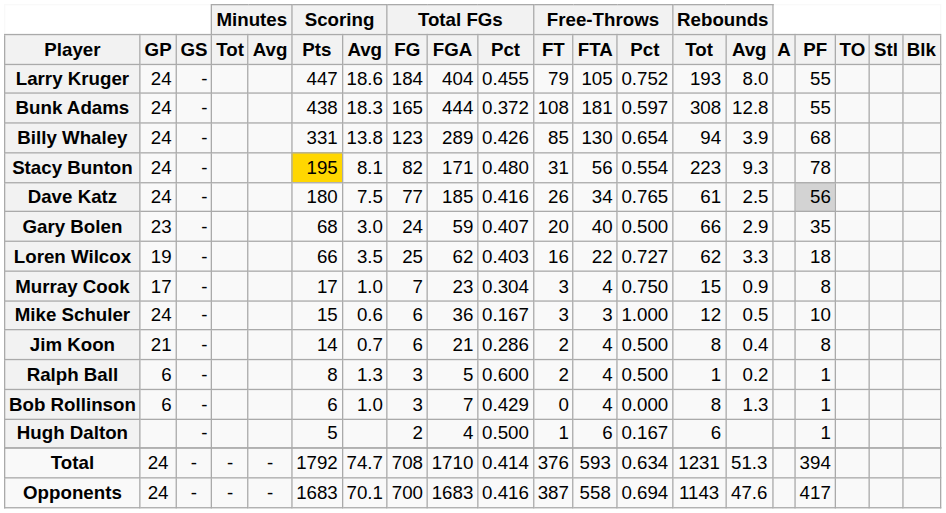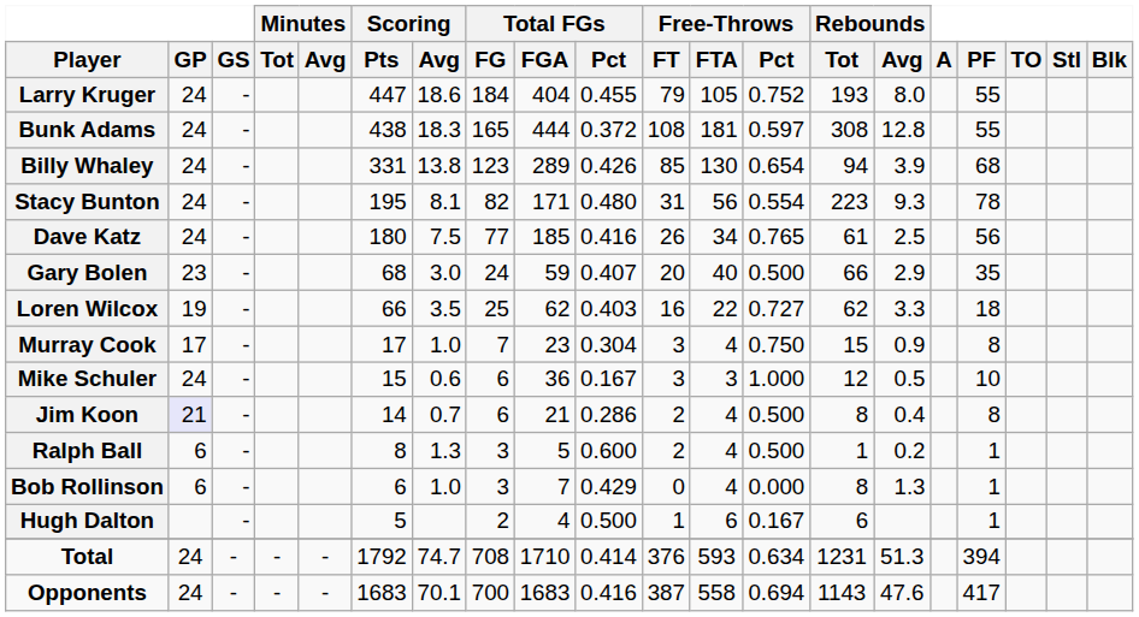 <table class="wikitable sortable" border="1" style="font-size:90%;">
 <tr>
 <th colspan="3" style="border-top-style:hidden; border-left-style:hidden; background: white;"></th>
 <th colspan="2" style=>Minutes</th>
 <th colspan="2" style=>Scoring</th>
 <th colspan="3" style=>Total FGs</th>
 <th colspan="3" style=>Free-Throws</th>
 <th colspan="2" style=>Rebounds</th>
 <th colspan="5" style="border-top-style:hidden; border-right-style:hidden; background: white;"></th>
 </tr>
 <tr>
 <th scope="col" style=>Player</th>
 <th scope="col" style=>GP</th>
 <th scope="col" style=>GS</th>
 <th scope="col" style=>Tot</th>
 <th scope="col" style=>Avg</th>
 <th scope="col" style=>Pts</th>
 <th scope="col" style=>Avg</th>
 <th scope="col" style=>FG</th>
 <th scope="col" style=>FGA</th>
 <th scope="col" style=>Pct</th>
 <th scope="col" style=>FT</th>
 <th scope="col" style=>FTA</th>
 <th scope="col" style=>Pct</th>
 <th scope="col" style=>Tot</th>
 <th scope="col" style=>Avg</th>
 <th scope="col" style=>A</th>
 <th scope="col" style=>PF</th>
 <th scope="col" style=>TO</th>
 <th scope="col" style=>Stl</th>
 <th scope="col" style=>Blk</th>
 </tr>
 <tr>
 <th>Larry Kruger</th>
 <td align="right">24</td>
 <td align="right">-</td>
 <td align="right"></td>
 <td align="right"></td>
 <td align="right">447</td>
 <td align="right">18.6</td>
 <td align="right">184</td>
 <td align="right">404</td>
 <td align="right">0.455</td>
 <td align="right">79</td>
 <td align="right">105</td>
 <td align="right">0.752</td>
 <td align="right">193</td>
 <td align="right">8.0</td>
 <td align="right"></td>
 <td align="right">55</td>
 <td align="right"></td>
 <td align="right"></td>
 <td align="right"></td>
 </tr>
 <tr>
 <th>Bunk Adams</th>
 <td align="right">24</td>
 <td align="right">-</td>
 <td align="right"></td>
 <td align="right"></td>
 <td align="right">438</td>
 <td align="right">18.3</td>
 <td align="right">165</td>
 <td align="right">444</td>
 <td align="right">0.372</td>
 <td align="right">108</td>
 <td align="right">181</td>
 <td align="right">0.597</td>
 <td align="right">308</td>
 <td align="right">12.8</td>
 <td align="right"></td>
 <td align="right">55</td>
 <td align="right"></td>
 <td align="right"></td>
 <td align="right"></td>
 </tr>
 <tr>
 <th>Billy Whaley</th>
 <td align="right">24</td>
 <td align="right">-</td>
 <td align="right"></td>
 <td align="right"></td>
 <td align="right">331</td>
 <td align="right">13.8</td>
 <td align="right">123</td>
 <td align="right">289</td>
 <td align="right">0.426</td>
 <td align="right">85</td>
 <td align="right">130</td>
 <td align="right">0.654</td>
 <td align="right">94</td>
 <td align="right">3.9</td>
 <td align="right"></td>
 <td align="right">68</td>
 <td align="right"></td>
 <td align="right"></td>
 <td align="right"></td>
 </tr>
 <tr>
 <th>Stacy Bunton</th>
 <td align="right">24</td>
 <td align="right">-</td>
 <td align="right"></td>
 <td align="right"></td>
-<td align="right" style="background: gold;">195</td>
+<td align="right">195</td>
 <td align="right">8.1</td>
 <td align="right">82</td>
 <td align="right">171</td>
 <td align="right">0.480</td>
 <td align="right">31</td>
 <td align="right">56</td>
 <td align="right">0.554</td>
 <td align="right">223</td>
 <td align="right">9.3</td>
 <td align="right"></td>
 <td align="right">78</td>
 <td align="right"></td>
 <td align="right"></td>
 <td align="right"></td>
 </tr>
 <tr>
 <th>Dave Katz</th>
 <td align="right">24</td>
 <td align="right">-</td>
 <td align="right"></td>
 <td align="right"></td>
 <td align="right">180</td>
 <td align="right">7.5</td>
 <td align="right">77</td>
 <td align="right">185</td>
 <td align="right">0.416</td>
 <td align="right">26</td>
 <td align="right">34</td>
 <td align="right">0.765</td>
 <td align="right">61</td>
 <td align="right">2.5</td>
 <td align="right"></td>
-<td align="right" style="background: lightgrey;">56</td>
+<td align="right">56</td>
 <td align="right"></td>
 <td align="right"></td>
 <td align="right"></td>
 </tr>
 <tr>
 <th>Gary Bolen</th>
 <td align="right">23</td>
 <td align="right">-</td>
 <td align="right"></td>
 <td align="right"></td>
 <td align="right">68</td>
 <td align="right">3.0</td>
 <td align="right">24</td>
 <td align="right">59</td>
 <td align="right">0.407</td>
 <td align="right">20</td>
 <td align="right">40</td>
 <td align="right">0.500</td>
 <td align="right">66</td>
 <td align="right">2.9</td>
 <td align="right"></td>
 <td align="right">35</td>
 <td align="right"></td>
 <td align="right"></td>
 <td align="right"></td>
 </tr>
 <tr>
 <th>Loren Wilcox</th>
 <td align="right">19</td>
 <td align="right">-</td>
 <td align="right"></td>
 <td align="right"></td>
 <td align="right">66</td>
 <td align="right">3.5</td>
 <td align="right">25</td>
 <td align="right">62</td>
 <td align="right">0.403</td>
 <td align="right">16</td>
 <td align="right">22</td>
 <td align="right">0.727</td>
 <td align="right">62</td>
 <td align="right">3.3</td>
 <td align="right"></td>
 <td align="right">18</td>
 <td align="right"></td>
 <td align="right"></td>
 <td align="right"></td>
 </tr>
 <tr>
 <th>Murray Cook</th>
 <td align="right">17</td>
 <td align="right">-</td>
 <td align="right"></td>
 <td align="right"></td>
 <td align="right">17</td>
 <td align="right">1.0</td>
 <td align="right">7</td>
 <td align="right">23</td>
 <td align="right">0.304</td>
 <td align="right">3</td>
 <td align="right">4</td>
 <td align="right">0.750</td>
 <td align="right">15</td>
 <td align="right">0.9</td>
 <td align="right"></td>
 <td align="right">8</td>
 <td align="right"></td>
 <td align="right"></td>
 <td align="right"></td>
 </tr>
 <tr>
 <th>Mike Schuler</th>
 <td align="right">24</td>
 <td align="right">-</td>
 <td align="right"></td>
 <td align="right"></td>
 <td align="right">15</td>
 <td align="right">0.6</td>
 <td align="right">6</td>
 <td align="right">36</td>
 <td align="right">0.167</td>
 <td align="right">3</td>
 <td align="right">3</td>
 <td align="right">1.000</td>
 <td align="right">12</td>
 <td align="right">0.5</td>
 <td align="right"></td>
 <td align="right">10</td>
 <td align="right"></td>
 <td align="right"></td>
 <td align="right"></td>
 </tr>
 <tr>
 <th>Jim Koon</th>
-<td align="right">21</td>
+<td align="right" style="background: lavender;">21</td>
 <td align="right">-</td>
 <td align="right"></td>
 <td align="right"></td>
 <td align="right">14</td>
 <td align="right">0.7</td>
 <td align="right">6</td>
 <td align="right">21</td>
 <td align="right">0.286</td>
 <td align="right">2</td>
 <td align="right">4</td>
 <td align="right">0.500</td>
 <td align="right">8</td>
 <td align="right">0.4</td>
 <td align="right"></td>
 <td align="right">8</td>
 <td align="right"></td>
 <td align="right"></td>
 <td align="right"></td>
 </tr>
 <tr>
 <th>Ralph Ball</th>
 <td align="right">6</td>
 <td align="right">-</td>
 <td align="right"></td>
 <td align="right"></td>
 <td align="right">8</td>
 <td align="right">1.3</td>
 <td align="right">3</td>
 <td align="right">5</td>
 <td align="right">0.600</td>
 <td align="right">2</td>
 <td align="right">4</td>
 <td align="right">0.500</td>
 <td align="right">1</td>
 <td align="right">0.2</td>
 <td align="right"></td>
 <td align="right">1</td>
 <td align="right"></td>
 <td align="right"></td>
 <td align="right"></td>
 </tr>
 <tr>
 <th>Bob Rollinson</th>
 <td align="right">6</td>
 <td align="right">-</td>
 <td align="right"></td>
 <td align="right"></td>
 <td align="right">6</td>
 <td align="right">1.0</td>
 <td align="right">3</td>
 <td align="right">7</td>
 <td align="right">0.429</td>
 <td align="right">0</td>
 <td align="right">4</td>
 <td align="right">0.000</td>
 <td align="right">8</td>
 <td align="right">1.3</td>
 <td align="right"></td>
 <td align="right">1</td>
 <td align="right"></td>
 <td align="right"></td>
 <td align="right"></td>
 </tr>
 <tr>
 <th>Hugh Dalton</th>
 <td align="right"></td>
 <td align="right">-</td>
 <td align="right"></td>
 <td align="right"></td>
 <td align="right">5</td>
 <td align="right"></td>
 <td align="right">2</td>
 <td align="right">4</td>
 <td align="right">0.500</td>
 <td align="right">1</td>
 <td align="right">6</td>
 <td align="right">0.167</td>
 <td align="right">6</td>
 <td align="right"></td>
 <td align="right"></td>
 <td align="right">1</td>
 <td align="right"></td>
 <td align="right"></td>
 <td align="right"></td>
 </tr>
 <tr>
 </tr>
 <tr class="sortbottom">
 <td align="center" style=><strong>Total</strong></td>
 <td align="center" style=>24</td>
 <td align="center" style=>-</td>
 <td align="center" style=>-</td>
 <td align="center" style=>-</td>
 <td align="center" style=>1792</td>
 <td align="center" style=>74.7</td>
 <td align="center" style=>708</td>
 <td align="center" style=>1710</td>
 <td align="center" style=>0.414</td>
 <td align="center" style=>376</td>
 <td align="center" style=>593</td>
 <td align="center" style=>0.634</td>
 <td align="center" style=>1231</td>
 <td align="center" style=>51.3</td>
 <td align="center" style=></td>
 <td align="center" style=>394</td>
 <td align="center" style=></td>
 <td align="center" style=></td>
 <td align="center" style=></td>
 </tr>
 <tr class="sortbottom">
 <td align="center"><strong>Opponents</strong></td>
 <td align="center">24</td>
 <td align="center">-</td>
 <td align="center">-</td>
 <td align="center">-</td>
 <td align="center">1683</td>
 <td align="center">70.1</td>
 <td align="center">700</td>
 <td align="center">1683</td>
 <td align="center">0.416</td>
 <td align="center">387</td>
 <td align="center">558</td>
 <td align="center">0.694</td>
 <td align="center">1143</td>
 <td align="center">47.6</td>
 <td align="center"></td>
 <td align="center">417</td>
 <td align="center"></td>
 <td align="center"></td>
 <td align="center"></td>
 </tr>
 </table>
